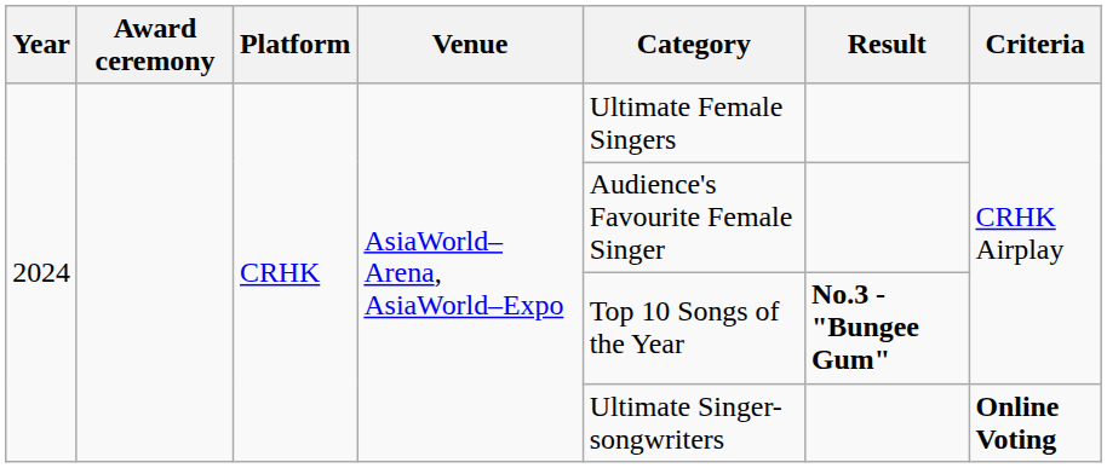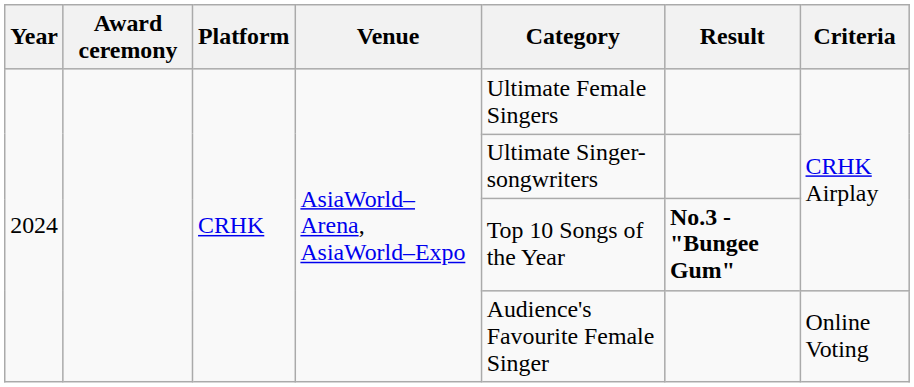 <table class="wikitable plainrowheaders">
 <tr>
 <th scope="col">Year</th>
 <th scope="col">Award ceremony</th>
 <th scope="col">Platform</th>
 <th scope="col">Venue</th>
 <th scope="col">Category</th>
 <th scope="col">Result</th>
 <th scope="col">Criteria</th>
 </tr>
 <tr>
 <td rowspan="4">2024</td>
 <td rowspan="4"></td>
 <td rowspan="4"><a href='#'>CRHK</a></td>
 <td rowspan="4"><a href='#'>AsiaWorld–Arena</a>, <a href='#'>AsiaWorld–Expo</a></td>
 <td>Ultimate Female Singers</td>
 <td></td>
 <td rowspan="3"><a href='#'>CRHK</a> Airplay</td>
 </tr>
 <tr>
-<td>Audience's Favourite Female Singer</td>
+<td>Ultimate Singer-songwriters</td>
 <td></td>
 </tr>
 <tr>
 <td>Top 10 Songs of the Year</td>
 <td><strong>No.3 - "Bungee Gum"</strong></td>
 </tr>
 <tr>
-<td>Ultimate Singer-songwriters</td>
+<td>Audience's Favourite Female Singer</td>
 <td></td>
-<td><strong>Online Voting</strong></td>
+<td>Online Voting</td>
 </tr>
 </table>
